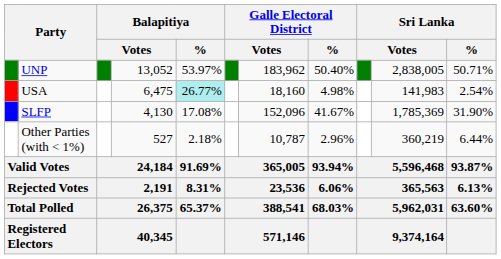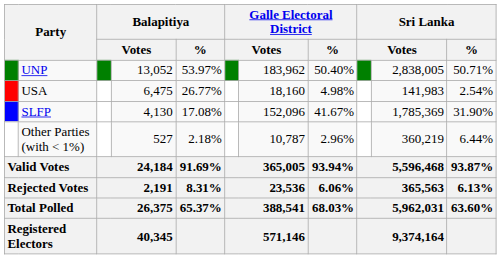 <table class="wikitable">
 <tr>
 <th colspan="2" width="144px"rowspan="2">Party</th>
 <th colspan="3" width="216px">Balapitiya</th>
 <th colspan="3" width="216px"><a href='#'>Galle Electoral District</a></th>
 <th colspan="3" width="216px">Sri Lanka</th>
 </tr>
 <tr>
 <th colspan="2" width="144px">Votes</th>
 <th>%</th>
 <th colspan="2" width="144px">Votes</th>
 <th>%</th>
 <th colspan="2" width="144px">Votes</th>
 <th>%</th>
 </tr>
 <tr>
 <td style="background-color:green;" width="10px"></td>
 <td style="text-align:left;"><a href='#'>UNP</a></td>
 <td style="background-color:green;" width="10px"></td>
 <td style="text-align:right;">13,052</td>
 <td style="text-align:right;">53.97%</td>
 <td style="background-color:green;" width="10px"></td>
 <td style="text-align:right;">183,962</td>
 <td style="text-align:right;">50.40%</td>
 <td style="background-color:green;" width="10px"></td>
 <td style="text-align:right;">2,838,005</td>
 <td style="text-align:right;">50.71%</td>
 </tr>
 <tr>
 <td style="background-color:red;" width="10px"></td>
 <td style="text-align:left;">USA</td>
 <td style="background-color:white;" width="10px"></td>
 <td style="text-align:right;">6,475</td>
-<td style="background: paleturquoise; text-align:right;">26.77%</td>
+<td style="text-align:right;">26.77%</td>
 <td style="background-color:white;" width="10px"></td>
 <td style="text-align:right;">18,160</td>
 <td style="text-align:right;">4.98%</td>
 <td style="background-color:white;" width="10px"></td>
 <td style="text-align:right;">141,983</td>
 <td style="text-align:right;">2.54%</td>
 </tr>
 <tr>
 <td style="background-color:blue;" width="10px"></td>
 <td style="text-align:left;"><a href='#'>SLFP</a></td>
 <td style="background-color:white;" width="10px"></td>
 <td style="text-align:right;">4,130</td>
 <td style="text-align:right;">17.08%</td>
 <td style="background-color:white;" width="10px"></td>
 <td style="text-align:right;">152,096</td>
 <td style="text-align:right;">41.67%</td>
 <td style="background-color:white;" width="10px"></td>
 <td style="text-align:right;">1,785,369</td>
 <td style="text-align:right;">31.90%</td>
 </tr>
 <tr>
 <td style="background-color:white;" width="10px"></td>
 <td style="text-align:left;">Other Parties (with < 1%)</td>
 <td style="background-color:white;" width="10px"></td>
 <td style="text-align:right;">527</td>
 <td style="text-align:right;">2.18%</td>
 <td style="background-color:white;" width="10px"></td>
 <td style="text-align:right;">10,787</td>
 <td style="text-align:right;">2.96%</td>
 <td style="background-color:white;" width="10px"></td>
 <td style="text-align:right;">360,219</td>
 <td style="text-align:right;">6.44%</td>
 </tr>
 <tr>
 <th colspan="2" width="144px"style="text-align:left;">Valid Votes</th>
 <th style="text-align:right;"colspan="2" width="144px">24,184</th>
 <th style="text-align:right;">91.69%</th>
 <th style="text-align:right;"colspan="2" width="144px">365,005</th>
 <th style="text-align:right;">93.94%</th>
 <th style="text-align:right;"colspan="2" width="144px">5,596,468</th>
 <th style="text-align:right;">93.87%</th>
 </tr>
 <tr>
 <th colspan="2" width="144px"style="text-align:left;">Rejected Votes</th>
 <th style="text-align:right;"colspan="2" width="144px">2,191</th>
 <th style="text-align:right;">8.31%</th>
 <th style="text-align:right;"colspan="2" width="144px">23,536</th>
 <th style="text-align:right;">6.06%</th>
 <th style="text-align:right;"colspan="2" width="144px">365,563</th>
 <th style="text-align:right;">6.13%</th>
 </tr>
 <tr>
 <th colspan="2" width="144px"style="text-align:left;">Total Polled</th>
 <th style="text-align:right;"colspan="2" width="144px">26,375</th>
 <th style="text-align:right;">65.37%</th>
 <th style="text-align:right;"colspan="2" width="144px">388,541</th>
 <th style="text-align:right;">68.03%</th>
 <th style="text-align:right;"colspan="2" width="144px">5,962,031</th>
 <th style="text-align:right;">63.60%</th>
 </tr>
 <tr>
 <th colspan="2" width="144px"style="text-align:left;">Registered Electors</th>
 <th style="text-align:right;"colspan="2" width="144px">40,345</th>
 <th></th>
 <th style="text-align:right;"colspan="2" width="144px">571,146</th>
 <th></th>
 <th style="text-align:right;"colspan="2" width="144px">9,374,164</th>
 <th></th>
 </tr>
 </table>
